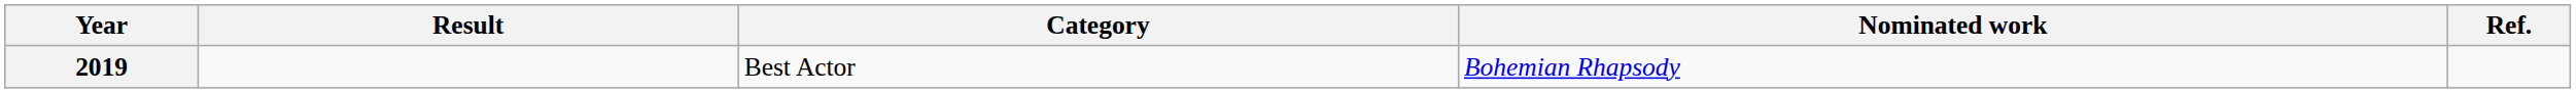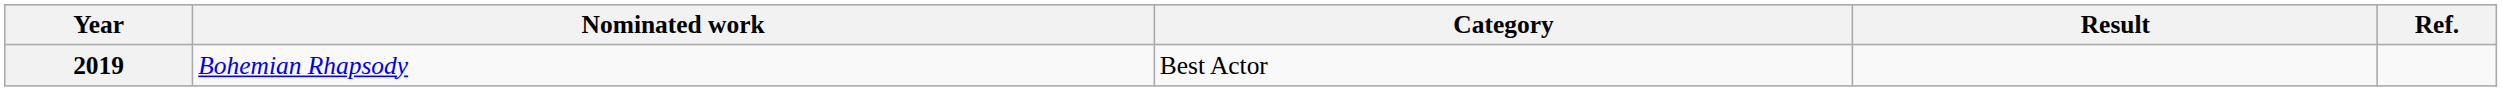 <table class="wikitable">
 <tr>
 <th width=2%>Year</th>
+<th width=11%>Nominated work</th>
+<th width=8%>Category</th>
 <th width=6%>Result</th>
-<th width=8%>Category</th>
-<th width=11%>Nominated work</th>
 <th width=1%>Ref.</th>
 </tr>
 <tr>
 <th scope=row>2019</th>
+<td><em><a href='#'>Bohemian Rhapsody</a></em></td>
+<td>Best Actor</td>
 <td></td>
-<td>Best Actor</td>
-<td><em><a href='#'>Bohemian Rhapsody</a></em></td>
 <td style="text-align:center;"></td>
 </tr>
 </table>
